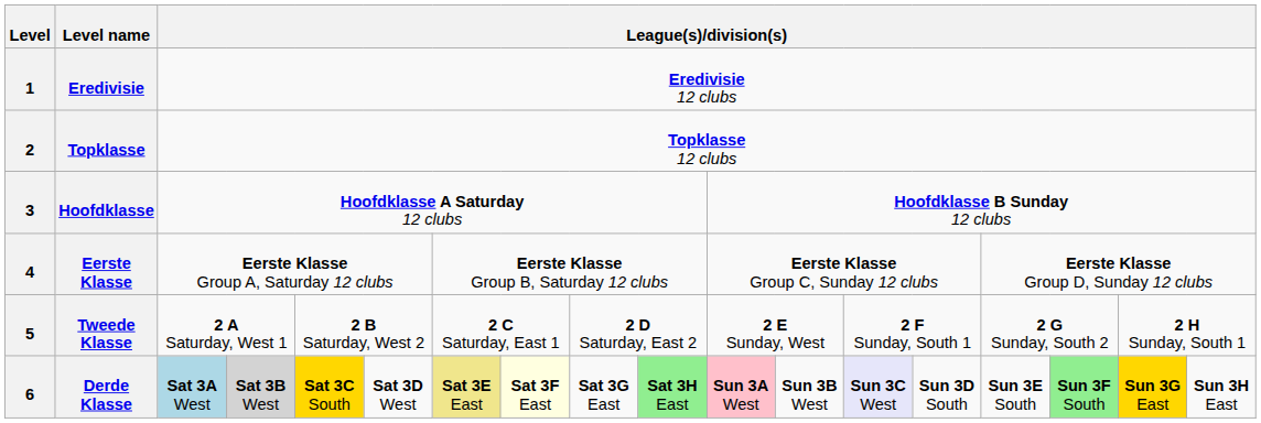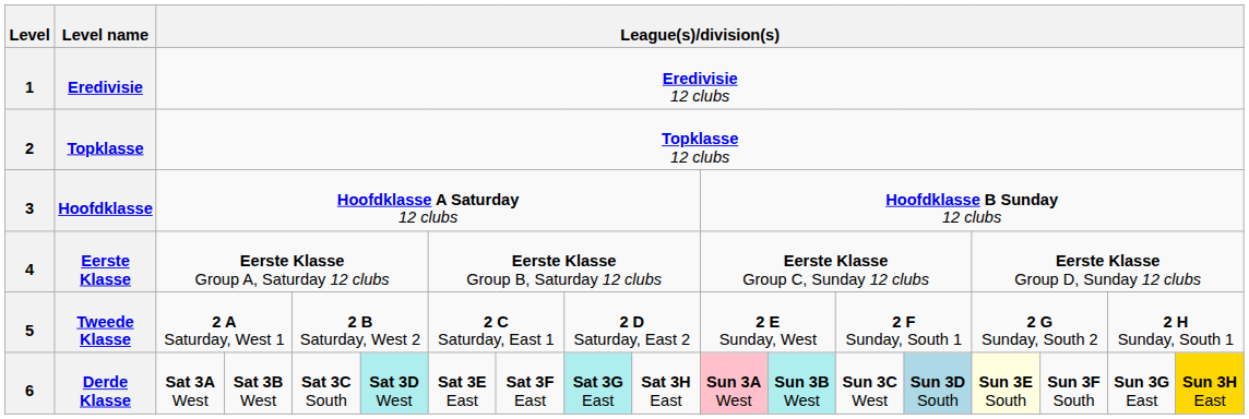 <table class="wikitable" style="text-align: center;">
 <tr>
 <th colspan="1" width="2%"><br>Level</th>
 <th colspan="1" width="8%"><br>Level name</th>
 <th colspan="16" width="90%"><br>League(s)/division(s)</th>
 </tr>
 <tr>
 <th colspan="1" width="4%"><br>1</th>
 <th colspan="1" width="8%"><br><a href='#'>Eredivisie</a></th>
 <td colspan="16" width="90%"><br><strong><a href='#'>Eredivisie</a></strong><br> <em>12 clubs</em></td>
 </tr>
 <tr>
 <th colspan="1" width="4%"><br>2</th>
 <th colspan="1" width="8%"><br><a href='#'>Topklasse</a></th>
 <td colspan="16" width="88%"><br><strong><a href='#'>Topklasse</a></strong><br> <em>12 clubs</em></td>
 </tr>
 <tr>
 <th colspan="1" width="4%"><br>3</th>
 <th colspan="1" width="8%"><br><a href='#'>Hoofdklasse</a></th>
 <td colspan="8 " width="44%"><br><strong><a href='#'>Hoofdklasse</a> A Saturday</strong><br> <em>12 clubs</em></td>
 <td colspan="8 " width="44%"><br><strong><a href='#'>Hoofdklasse</a> B Sunday</strong><br> <em>12 clubs</em></td>
 </tr>
 <tr>
 <th colspan="1" width="4%"><br>4</th>
 <th colspan="1" width="8%"><br><a href='#'>Eerste Klasse</a></th>
 <td colspan="4" width="22%"><br><strong>Eerste Klasse</strong><br> Group A, Saturday <em>12 clubs</em></td>
 <td colspan="4" width="22%"><br><strong>Eerste Klasse</strong><br> Group B, Saturday <em>12 clubs</em></td>
 <td colspan="4" width="22%"><br><strong>Eerste Klasse</strong><br> Group C, Sunday <em>12 clubs</em></td>
 <td colspan="4" width="22%"><br><strong>Eerste Klasse</strong><br> Group D, Sunday <em>12 clubs</em></td>
 </tr>
 <tr>
 <th colspan="1" width="4%"><br>5</th>
 <th colspan="1" width="8%"><br><a href='#'>Tweede Klasse</a></th>
 <td colspan="2" width="11%"><br><strong>2 A</strong><br> Saturday, West 1</td>
 <td colspan="2" width="11%"><br><strong>2 B</strong><br> Saturday, West 2</td>
 <td colspan="2" width="11%"><br><strong>2 C</strong><br> Saturday, East 1</td>
 <td colspan="2" width="11%"><br><strong>2 D</strong><br> Saturday, East 2</td>
 <td colspan="2" width="11%"><br><strong>2 E</strong><br> Sunday, West</td>
 <td colspan="2" width="11%"><br><strong>2 F</strong><br> Sunday, South 1</td>
 <td colspan="2" width="11%"><br><strong>2 G</strong><br> Sunday, South 2</td>
 <td colspan="2" width="11%"><br><strong>2 H</strong><br> Sunday, South 1</td>
 </tr>
 <tr>
 <th colspan="1" width="4%"><br>6</th>
 <th colspan="1" width="8%"><br><a href='#'>Derde Klasse</a></th>
-<td colspan="1" width="5.5%" style="background: lightblue;"><br><strong>Sat 3A</strong><br> West</td>
-<td colspan="1" width="5.5%" style="background: lightgrey;"><br><strong>Sat 3B</strong><br> West</td>
-<td colspan="1" width="5.5%" style="background: gold;"><br><strong>Sat 3C</strong><br> South</td>
-<td colspan="1" width="5.5%"><br><strong>Sat 3D</strong><br> West</td>
-<td colspan="1" width="5.5%" style="background: khaki;"><br><strong>Sat 3E</strong><br> East</td>
-<td colspan="1" width="5.5%" style="background: lightyellow;"><br><strong>Sat 3F</strong><br> East</td>
-<td colspan="1" width="5.5%"><br><strong>Sat 3G</strong><br> East</td>
-<td colspan="1" width="5.5%" style="background: lightgreen;"><br><strong>Sat 3H</strong><br> East</td>
+<td colspan="1" width="5.5%"><br><strong>Sat 3A</strong><br> West</td>
+<td colspan="1" width="5.5%"><br><strong>Sat 3B</strong><br> West</td>
+<td colspan="1" width="5.5%"><br><strong>Sat 3C</strong><br> South</td>
+<td colspan="1" width="5.5%" style="background: paleturquoise;"><br><strong>Sat 3D</strong><br> West</td>
+<td colspan="1" width="5.5%"><br><strong>Sat 3E</strong><br> East</td>
+<td colspan="1" width="5.5%"><br><strong>Sat 3F</strong><br> East</td>
+<td colspan="1" width="5.5%" style="background: paleturquoise;"><br><strong>Sat 3G</strong><br> East</td>
+<td colspan="1" width="5.5%"><br><strong>Sat 3H</strong><br> East</td>
 <td colspan="1" width="5.5%" style="background: pink;"><br><strong>Sun 3A</strong><br> West</td>
-<td colspan="1" width="5.5%"><br><strong>Sun 3B</strong><br> West</td>
-<td colspan="1" width="5.5%" style="background: lavender;"><br><strong>Sun 3C</strong><br> West</td>
-<td colspan="1" width="5.5%"><br><strong>Sun 3D</strong><br> South</td>
-<td colspan="1" width="5.5%"><br><strong>Sun 3E</strong><br> South</td>
-<td colspan="1" width="5.5%" style="background: lightgreen;"><br><strong>Sun 3F</strong><br> South</td>
-<td colspan="1" width="5.5%" style="background: gold;"><br><strong>Sun 3G</strong><br> East</td>
-<td colspan="1" width="5.5%"><br><strong>Sun 3H</strong><br> East</td>
+<td colspan="1" width="5.5%" style="background: paleturquoise;"><br><strong>Sun 3B</strong><br> West</td>
+<td colspan="1" width="5.5%"><br><strong>Sun 3C</strong><br> West</td>
+<td colspan="1" width="5.5%" style="background: lightblue;"><br><strong>Sun 3D</strong><br> South</td>
+<td colspan="1" width="5.5%" style="background: lightyellow;"><br><strong>Sun 3E</strong><br> South</td>
+<td colspan="1" width="5.5%"><br><strong>Sun 3F</strong><br> South</td>
+<td colspan="1" width="5.5%"><br><strong>Sun 3G</strong><br> East</td>
+<td colspan="1" width="5.5%" style="background: gold;"><br><strong>Sun 3H</strong><br> East</td>
 </tr>
 </table>
